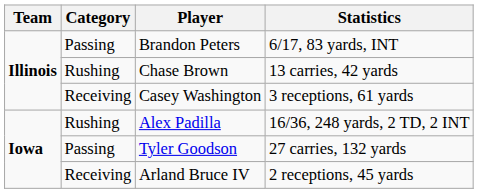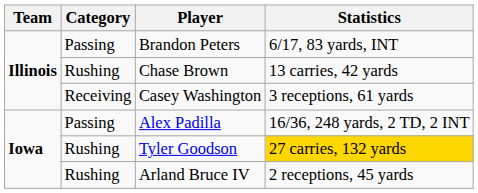 <table class="wikitable" style="float: left;">
 <tr>
 <th>Team</th>
 <th>Category</th>
 <th>Player</th>
 <th>Statistics</th>
 </tr>
 <tr>
 <td rowspan=3><strong>Illinois</strong></td>
 <td>Passing</td>
 <td>Brandon Peters</td>
 <td>6/17, 83 yards, INT</td>
 </tr>
 <tr>
 <td>Rushing</td>
 <td>Chase Brown</td>
 <td>13 carries, 42 yards</td>
 </tr>
 <tr>
 <td>Receiving</td>
 <td>Casey Washington</td>
 <td>3 receptions, 61 yards</td>
 </tr>
 <tr>
 <td rowspan=3><strong>Iowa</strong></td>
-<td>Rushing</td>
+<td>Passing</td>
 <td><a href='#'>Alex Padilla</a></td>
 <td>16/36, 248 yards, 2 TD, 2 INT</td>
 </tr>
 <tr>
-<td>Passing</td>
+<td>Rushing</td>
 <td><a href='#'>Tyler Goodson</a></td>
-<td>27 carries, 132 yards</td>
+<td style="background: gold;">27 carries, 132 yards</td>
 </tr>
 <tr>
-<td>Receiving</td>
+<td>Rushing</td>
 <td>Arland Bruce IV</td>
 <td>2 receptions, 45 yards</td>
 </tr>
 </table>
